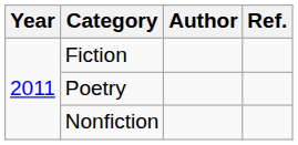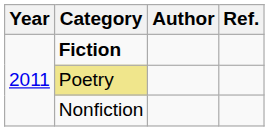 <table class="wikitable sortable mw-collapsible">
 <tr>
 <th>Year</th>
 <th>Category</th>
 <th>Author</th>
 <th>Ref.</th>
 </tr>
 <tr>
 <td rowspan="3"><a href='#'>2011</a></td>
-<td>Fiction</td>
+<td><strong>Fiction</strong></td>
 <td></td>
 <td></td>
 </tr>
 <tr>
-<td>Poetry</td>
+<td style="background: khaki;">Poetry</td>
 <td></td>
 <td></td>
 </tr>
 <tr>
 <td>Nonfiction</td>
 <td></td>
 <td></td>
 </tr>
 </table>
